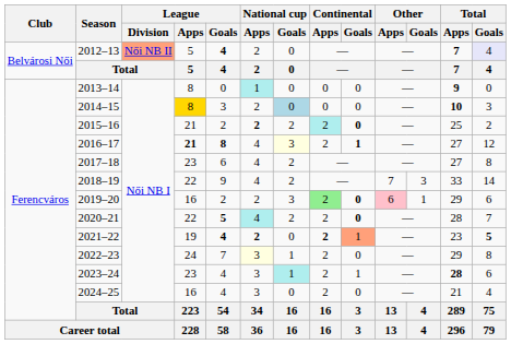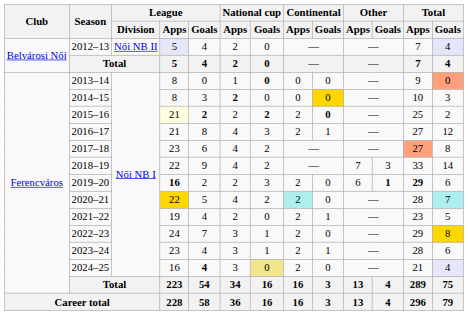 <table class="wikitable" style="text-align:center">
 <tr>
 <th rowspan="2">Club</th>
 <th rowspan="2">Season</th>
 <th colspan="3">League</th>
 <th colspan="2">National cup</th>
 <th colspan="2">Continental</th>
 <th colspan="2">Other</th>
 <th colspan="2">Total</th>
 </tr>
 <tr>
 <th>Division</th>
 <th>Apps</th>
 <th>Goals</th>
 <th>Apps</th>
 <th>Goals</th>
 <th>Apps</th>
 <th>Goals</th>
 <th>Apps</th>
 <th>Goals</th>
 <th>Apps</th>
 <th>Goals</th>
 </tr>
 <tr>
 <td rowspan="2"><a href='#'>Belvárosi Női</a></td>
 <td>2012–13</td>
-<td style="background: lightsalmon;"><a href='#'>Női NB II</a></td>
-<td>5</td>
-<td><strong>4</strong></td>
+<td><a href='#'>Női NB II</a></td>
+<td style="background: lavender;">5</td>
+<td>4</td>
 <td>2</td>
 <td>0</td>
 <td colspan="2">—</td>
 <td colspan="2">—</td>
-<td><strong>7</strong></td>
+<td>7</td>
 <td style="background: lavender;">4</td>
 </tr>
 <tr>
 <th colspan="2">Total</th>
 <th>5</th>
 <th>4</th>
 <th>2</th>
 <th>0</th>
 <th colspan="2">—</th>
 <th colspan="2">—</th>
 <th>7</th>
 <th>4</th>
 </tr>
 <tr>
 <td rowspan="13"><a href='#'>Ferencváros</a></td>
 <td>2013–14</td>
 <td rowspan="12"><a href='#'>Női NB I</a></td>
 <td>8</td>
 <td>0</td>
-<td style="background: paleturquoise;">1</td>
-<td>0</td>
+<td>1</td>
+<td><strong>0</strong></td>
 <td>0</td>
 <td>0</td>
 <td colspan="2">—</td>
-<td><strong>9</strong></td>
-<td>0</td>
+<td>9</td>
+<td style="background: lightsalmon;">0</td>
 </tr>
 <tr>
 <td>2014–15</td>
-<td style="background: gold;">8</td>
+<td>8</td>
 <td>3</td>
-<td>2</td>
-<td style="background: lightblue;">0</td>
+<td><strong>2</strong></td>
 <td>0</td>
 <td>0</td>
+<td style="background: gold;">0</td>
 <td colspan="2">—</td>
-<td><strong>10</strong></td>
+<td>10</td>
 <td>3</td>
 </tr>
 <tr>
 <td>2015–16</td>
-<td>21</td>
+<td style="background: lightyellow;">21</td>
+<td><strong>2</strong></td>
 <td>2</td>
 <td><strong>2</strong></td>
 <td>2</td>
-<td style="background: paleturquoise;">2</td>
 <td><strong>0</strong></td>
 <td colspan="2">—</td>
 <td>25</td>
 <td>2</td>
 </tr>
 <tr>
 <td>2016–17</td>
-<td><strong>21</strong></td>
-<td><strong>8</strong></td>
+<td>21</td>
+<td>8</td>
 <td>4</td>
-<td style="background: lightyellow;">3</td>
+<td>3</td>
 <td>2</td>
-<td><strong>1</strong></td>
+<td>1</td>
 <td colspan="2">—</td>
 <td>27</td>
 <td>12</td>
 </tr>
 <tr>
 <td>2017–18</td>
 <td>23</td>
 <td>6</td>
 <td>4</td>
 <td>2</td>
 <td colspan="2">—</td>
 <td colspan="2">—</td>
-<td>27</td>
+<td style="background: lightsalmon;">27</td>
 <td>8</td>
 </tr>
 <tr>
 <td>2018–19</td>
 <td>22</td>
 <td>9</td>
 <td>4</td>
 <td>2</td>
 <td colspan="2">—</td>
 <td>7</td>
 <td>3</td>
 <td>33</td>
 <td>14</td>
 </tr>
 <tr>
 <td>2019–20</td>
-<td>16</td>
+<td><strong>16</strong></td>
 <td>2</td>
 <td>2</td>
 <td>3</td>
-<td style="background: lightgreen;">2</td>
-<td><strong>0</strong></td>
-<td style="background: pink;">6</td>
-<td>1</td>
-<td>29</td>
+<td>2</td>
+<td>0</td>
+<td>6</td>
+<td><strong>1</strong></td>
+<td><strong>29</strong></td>
 <td>6</td>
 </tr>
 <tr>
 <td>2020–21</td>
-<td>22</td>
-<td><strong>5</strong></td>
-<td style="background: paleturquoise;">4</td>
+<td style="background: gold;">22</td>
+<td>5</td>
+<td>4</td>
 <td>2</td>
-<td>2</td>
-<td><strong>0</strong></td>
+<td style="background: paleturquoise;">2</td>
+<td>0</td>
 <td colspan="2">—</td>
 <td>28</td>
-<td>7</td>
+<td style="background: paleturquoise;">7</td>
 </tr>
 <tr>
 <td>2021–22</td>
 <td>19</td>
-<td><strong>4</strong></td>
-<td><strong>2</strong></td>
+<td>4</td>
+<td>2</td>
 <td>0</td>
-<td><strong>2</strong></td>
-<td style="background: lightsalmon;">1</td>
+<td>2</td>
+<td>1</td>
 <td colspan="2">—</td>
 <td>23</td>
-<td><strong>5</strong></td>
+<td>5</td>
 </tr>
 <tr>
 <td>2022–23</td>
 <td>24</td>
 <td>7</td>
-<td style="background: lightyellow;">3</td>
+<td>3</td>
 <td>1</td>
 <td>2</td>
 <td>0</td>
 <td colspan="2">—</td>
 <td>29</td>
-<td>8</td>
+<td style="background: gold;">8</td>
 </tr>
 <tr>
 <td>2023–24</td>
 <td>23</td>
 <td>4</td>
 <td>3</td>
-<td style="background: paleturquoise;">1</td>
+<td>1</td>
 <td>2</td>
 <td>1</td>
 <td colspan="2">—</td>
-<td><strong>28</strong></td>
+<td>28</td>
 <td>6</td>
 </tr>
 <tr>
 <td>2024–25</td>
 <td>16</td>
-<td>4</td>
+<td><strong>4</strong></td>
 <td>3</td>
-<td>0</td>
+<td style="background: khaki;">0</td>
 <td>2</td>
 <td>0</td>
 <td colspan="2">—</td>
 <td>21</td>
-<td>4</td>
+<td style="background: lavender;">4</td>
 </tr>
 <tr>
 <th colspan="2">Total</th>
 <th>223</th>
 <th>54</th>
 <th>34</th>
 <th>16</th>
 <th>16</th>
 <th>3</th>
 <th>13</th>
 <th>4</th>
 <th>289</th>
 <th>75</th>
 </tr>
 <tr>
 <th colspan="3">Career total</th>
 <th>228</th>
 <th>58</th>
 <th>36</th>
 <th>16</th>
 <th>16</th>
 <th>3</th>
 <th>13</th>
 <th>4</th>
 <th>296</th>
 <th>79</th>
 </tr>
 </table>
